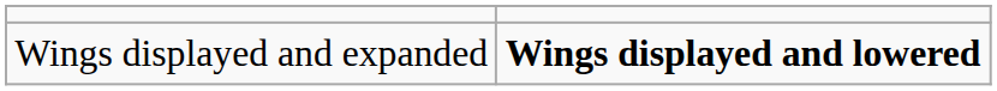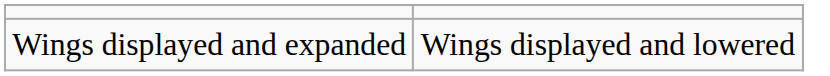 <table class="wikitable">
 <tr>
 <td align="center"></td>
 <td align="center"></td>
 </tr>
 <tr>
 <td>Wings displayed and expanded</td>
-<td><strong>Wings displayed and lowered</strong></td>
+<td>Wings displayed and lowered</td>
 </tr>
 </table>
